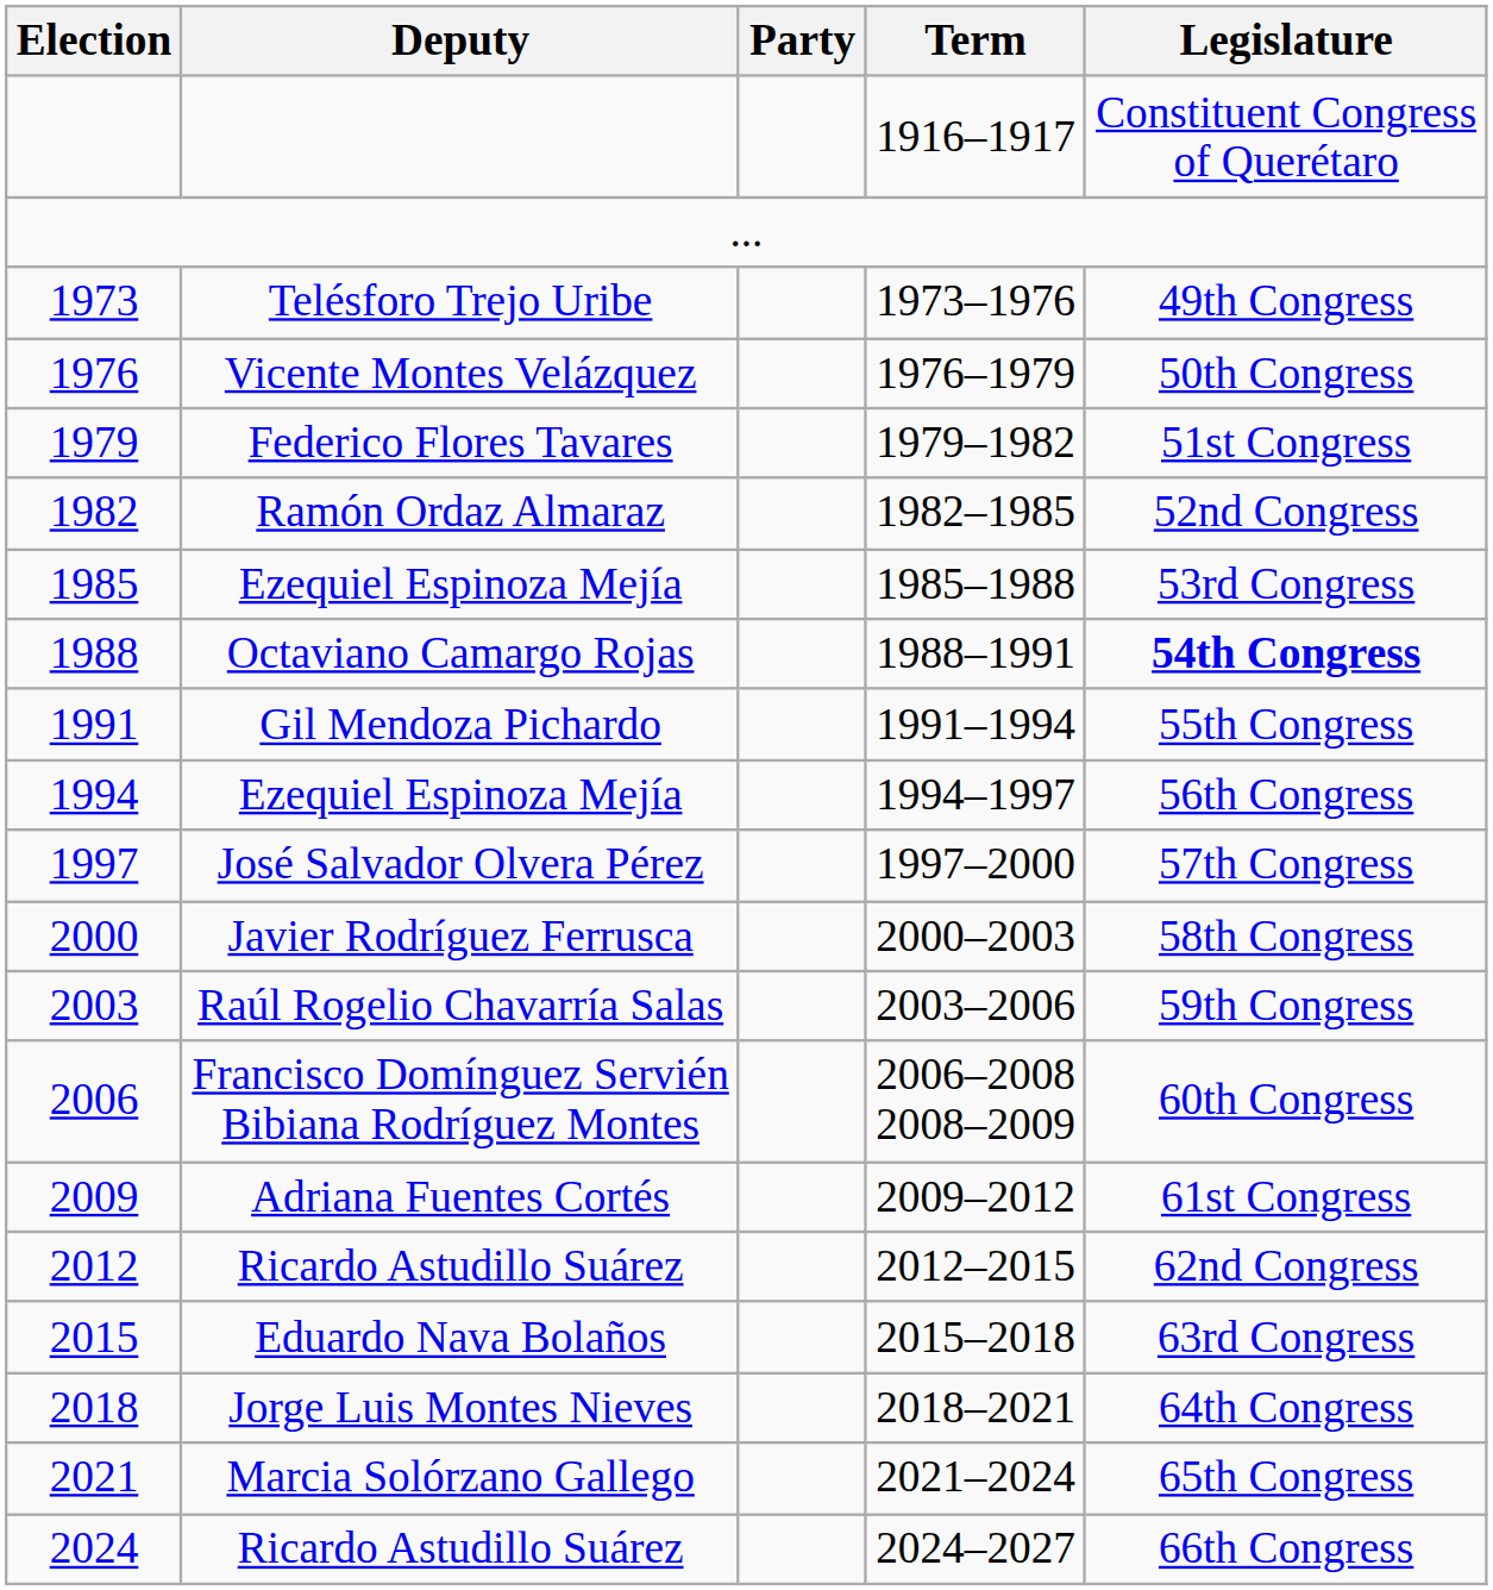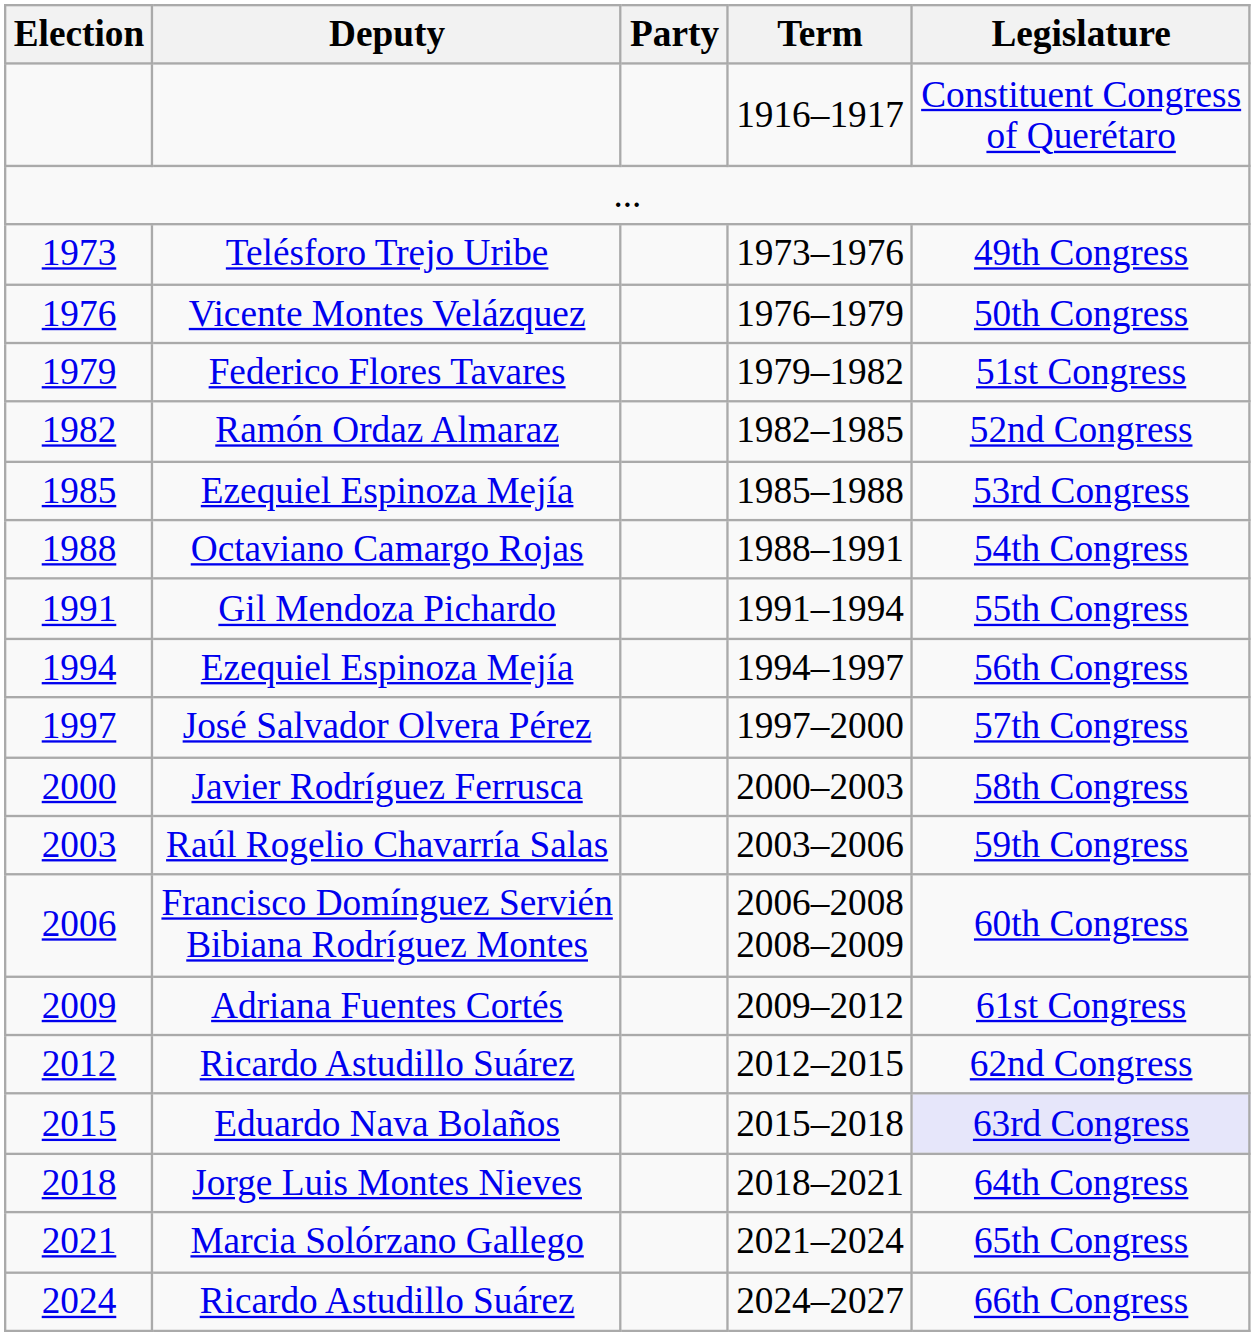 <table class="wikitable sortable" style="text-align: center">
 <tr>
 <th>Election</th>
 <th class="unsortable">Deputy</th>
 <th class="unsortable">Party</th>
 <th class="unsortable">Term</th>
 <th class="unsortable">Legislature</th>
 </tr>
 <tr>
 <td></td>
 <td></td>
 <td></td>
 <td>1916–1917</td>
 <td><a href='#'>Constituent Congress<br>of Querétaro</a></td>
 </tr>
 <tr>
 <td colspan=6> ...</td>
 </tr>
 <tr>
 <td><a href='#'>1973</a></td>
 <td><a href='#'>Telésforo Trejo Uribe</a></td>
 <td></td>
 <td>1973–1976</td>
 <td><a href='#'>49th Congress</a></td>
 </tr>
 <tr>
 <td><a href='#'>1976</a></td>
 <td><a href='#'>Vicente Montes Velázquez</a></td>
 <td></td>
 <td>1976–1979</td>
 <td><a href='#'>50th Congress</a></td>
 </tr>
 <tr>
 <td><a href='#'>1979</a></td>
 <td><a href='#'>Federico Flores Tavares</a></td>
 <td></td>
 <td>1979–1982</td>
 <td><a href='#'>51st Congress</a></td>
 </tr>
 <tr>
 <td><a href='#'>1982</a></td>
 <td><a href='#'>Ramón Ordaz Almaraz</a></td>
 <td></td>
 <td>1982–1985</td>
 <td><a href='#'>52nd Congress</a></td>
 </tr>
 <tr>
 <td><a href='#'>1985</a></td>
 <td><a href='#'>Ezequiel Espinoza Mejía</a></td>
 <td></td>
 <td>1985–1988</td>
 <td><a href='#'>53rd Congress</a></td>
 </tr>
 <tr>
 <td><a href='#'>1988</a></td>
 <td><a href='#'>Octaviano Camargo Rojas</a></td>
 <td></td>
 <td>1988–1991</td>
-<td><strong><a href='#'>54th Congress</a></strong></td>
+<td><a href='#'>54th Congress</a></td>
 </tr>
 <tr>
 <td><a href='#'>1991</a></td>
 <td><a href='#'>Gil Mendoza Pichardo</a></td>
 <td></td>
 <td>1991–1994</td>
 <td><a href='#'>55th Congress</a></td>
 </tr>
 <tr>
 <td><a href='#'>1994</a></td>
 <td><a href='#'>Ezequiel Espinoza Mejía</a></td>
 <td></td>
 <td>1994–1997</td>
 <td><a href='#'>56th Congress</a></td>
 </tr>
 <tr>
 <td><a href='#'>1997</a></td>
 <td><a href='#'>José Salvador Olvera Pérez</a></td>
 <td></td>
 <td>1997–2000</td>
 <td><a href='#'>57th Congress</a></td>
 </tr>
 <tr>
 <td><a href='#'>2000</a></td>
 <td><a href='#'>Javier Rodríguez Ferrusca</a></td>
 <td></td>
 <td>2000–2003</td>
 <td><a href='#'>58th Congress</a></td>
 </tr>
 <tr>
 <td><a href='#'>2003</a></td>
 <td><a href='#'>Raúl Rogelio Chavarría Salas</a></td>
 <td></td>
 <td>2003–2006</td>
 <td><a href='#'>59th Congress</a></td>
 </tr>
 <tr>
 <td><a href='#'>2006</a></td>
 <td><a href='#'>Francisco Domínguez Servién</a><br><a href='#'>Bibiana Rodríguez Montes</a></td>
 <td></td>
 <td>2006–2008 <br>2008–2009</td>
 <td><a href='#'>60th Congress</a></td>
 </tr>
 <tr>
 <td><a href='#'>2009</a></td>
 <td><a href='#'>Adriana Fuentes Cortés</a></td>
 <td></td>
 <td>2009–2012</td>
 <td><a href='#'>61st Congress</a></td>
 </tr>
 <tr>
 <td><a href='#'>2012</a></td>
 <td><a href='#'>Ricardo Astudillo Suárez</a></td>
 <td></td>
 <td>2012–2015</td>
 <td><a href='#'>62nd Congress</a></td>
 </tr>
 <tr>
 <td><a href='#'>2015</a></td>
 <td><a href='#'>Eduardo Nava Bolaños</a></td>
 <td></td>
 <td>2015–2018</td>
-<td><a href='#'>63rd Congress</a></td>
+<td style="background: lavender;"><a href='#'>63rd Congress</a></td>
 </tr>
 <tr>
 <td><a href='#'>2018</a></td>
 <td><a href='#'>Jorge Luis Montes Nieves</a></td>
 <td></td>
 <td>2018–2021</td>
 <td><a href='#'>64th Congress</a></td>
 </tr>
 <tr>
 <td><a href='#'>2021</a></td>
 <td><a href='#'>Marcia Solórzano Gallego</a></td>
 <td></td>
 <td>2021–2024</td>
 <td><a href='#'>65th Congress</a></td>
 </tr>
 <tr>
 <td><a href='#'>2024</a></td>
 <td><a href='#'>Ricardo Astudillo Suárez</a></td>
 <td></td>
 <td>2024–2027</td>
 <td><a href='#'>66th Congress</a></td>
 </tr>
 </table>
